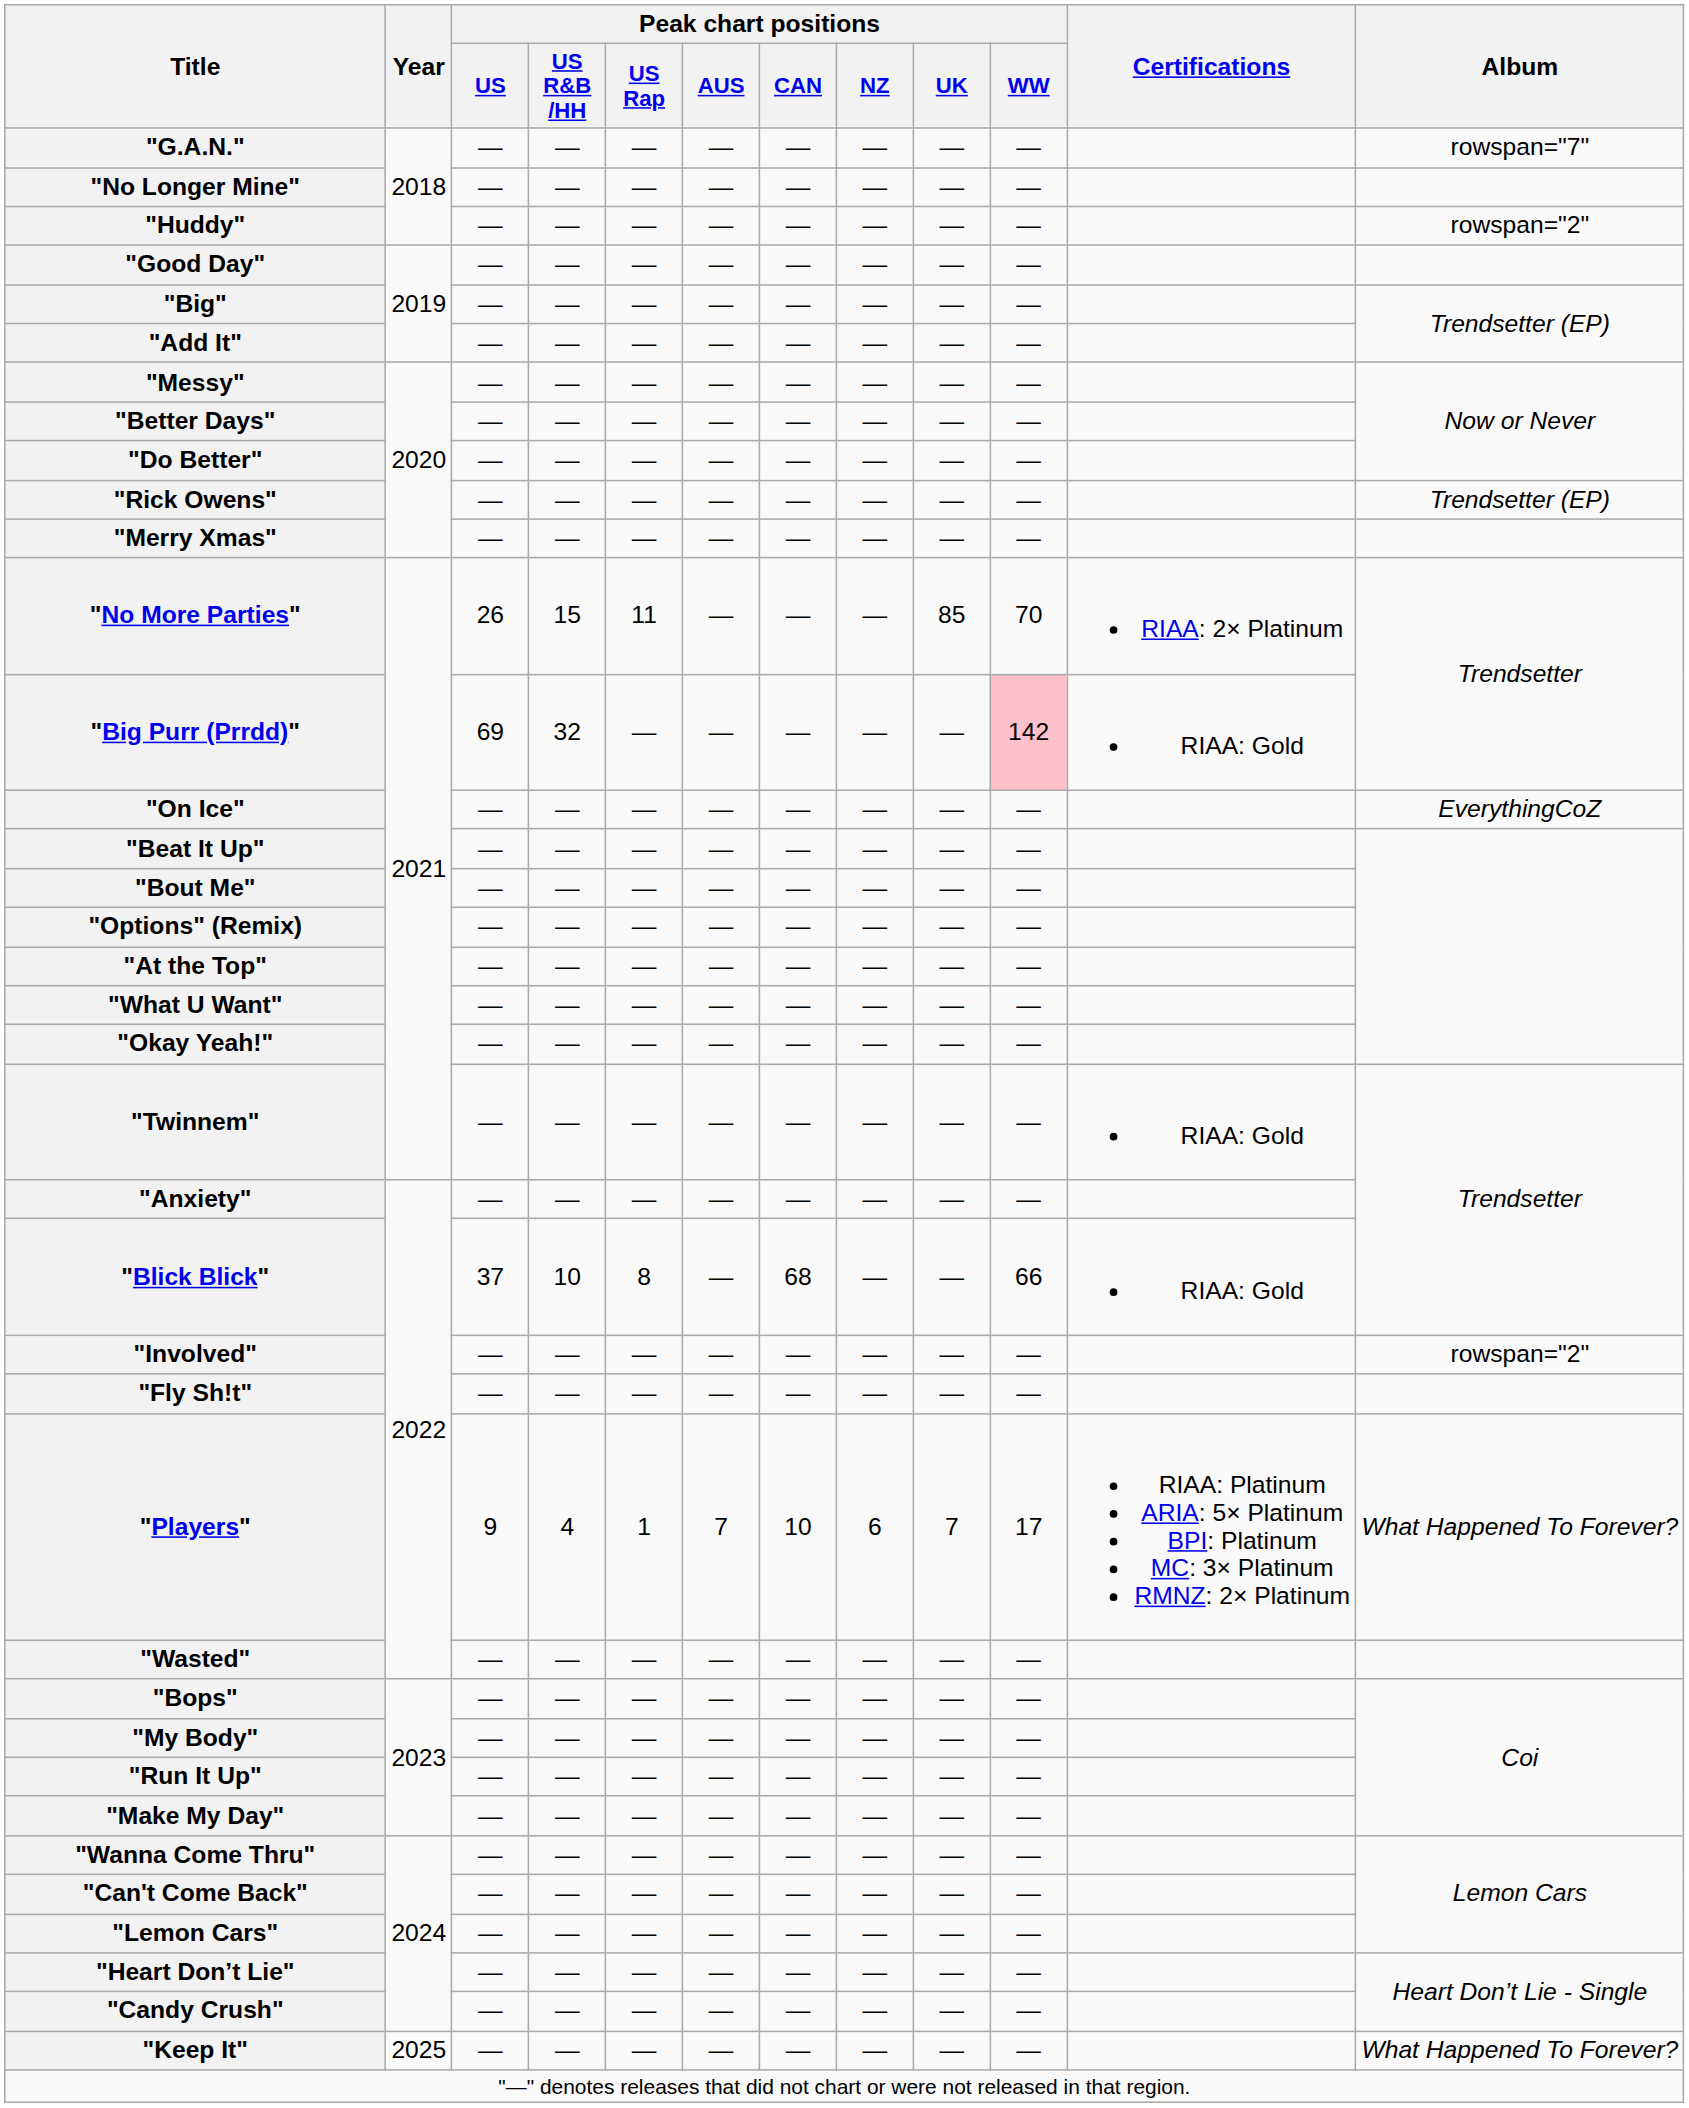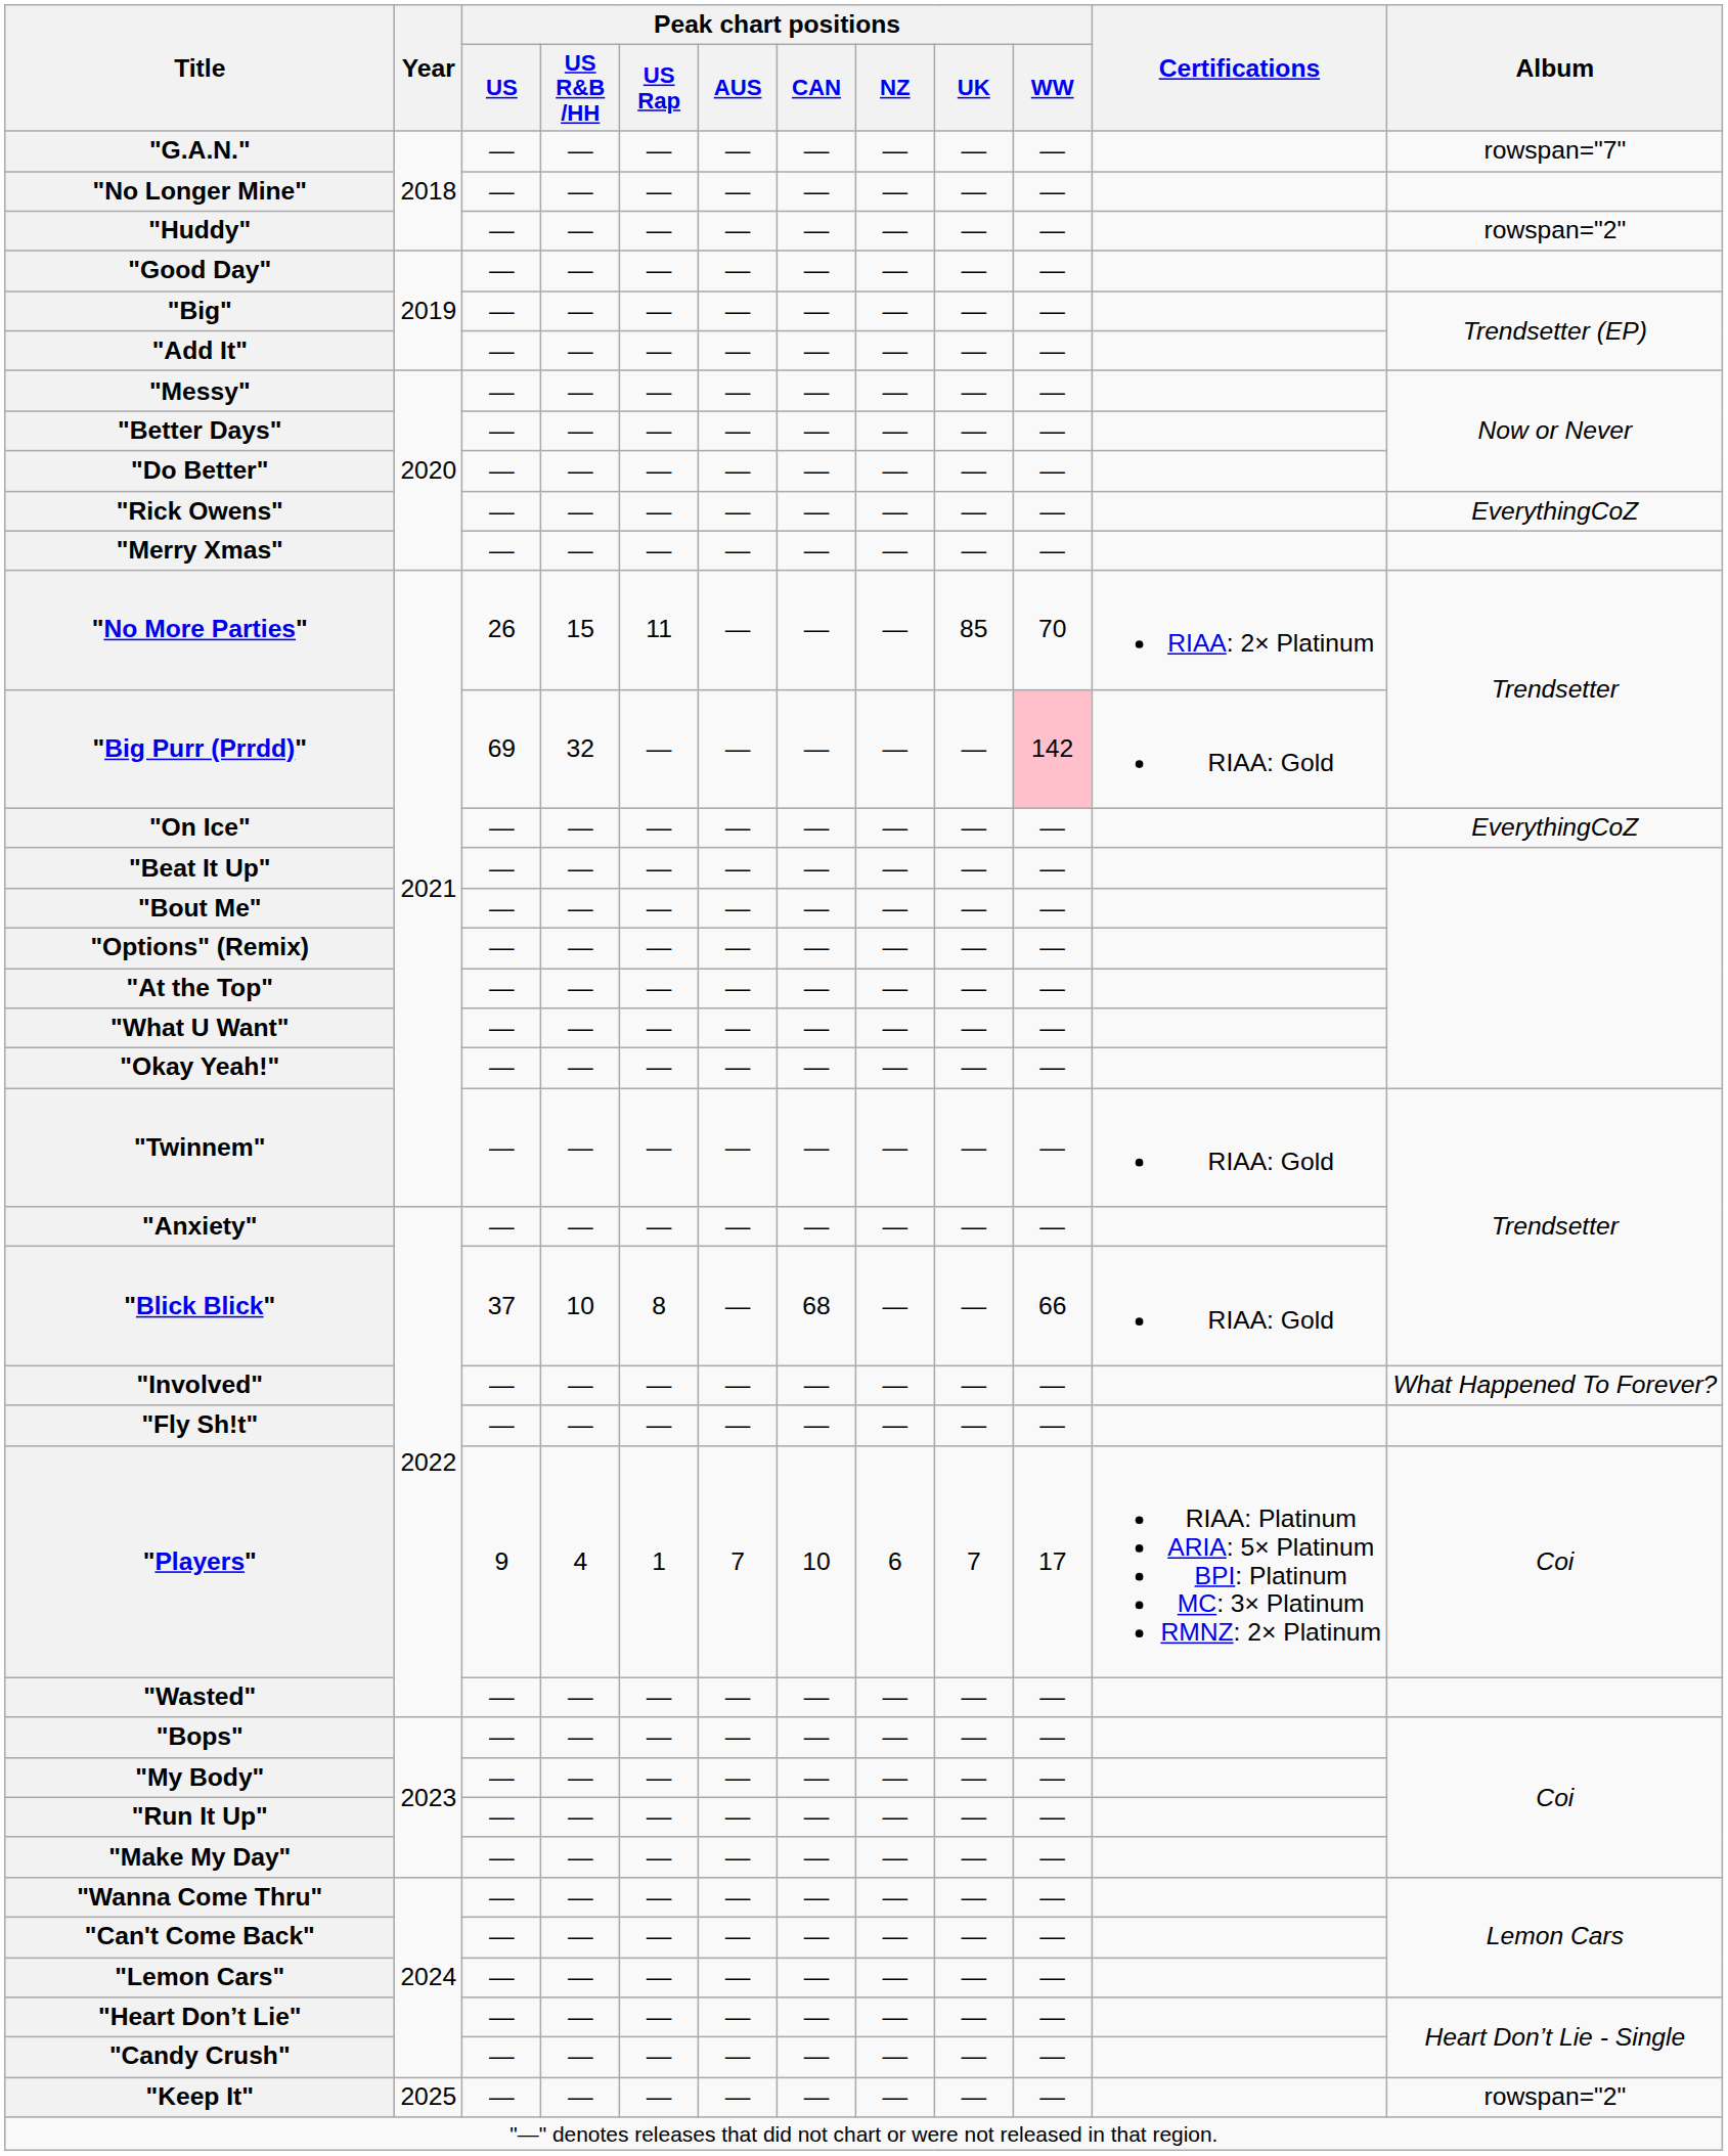 <table class="wikitable plainrowheaders" style="text-align:center;">
 <tr>
 <th scope="col" rowspan="2" style="width:15em;">Title</th>
 <th scope="col" rowspan="2">Year</th>
 <th scope="col" colspan="8">Peak chart positions</th>
 <th scope="col" rowspan="2"><a href='#'>Certifications</a></th>
 <th scope="col" rowspan="2">Album</th>
 </tr>
 <tr>
 <th scope="col" style="width:3em;font-size:90%;"><a href='#'>US</a><br></th>
 <th scope="col" style="width:3em;font-size:90%;"><a href='#'>US<br>R&B<br>/HH</a><br></th>
 <th scope="col" style="width:3em;font-size:90%;"><a href='#'>US<br>Rap</a><br></th>
 <th scope="col" style="width:3em;font-size:90%;"><a href='#'>AUS</a><br></th>
 <th scope="col" style="width:3em;font-size:90%;"><a href='#'>CAN</a><br></th>
 <th scope="col" style="width:3em;font-size:90%;"><a href='#'>NZ</a><br></th>
 <th scope="col" style="width:3em;font-size:90%;"><a href='#'>UK</a><br></th>
 <th scope="col" style="width:3em;font-size:90%;"><a href='#'>WW</a><br></th>
 </tr>
 <tr>
 <th scope="row">"G.A.N."</th>
 <td rowspan="3">2018</td>
 <td>—</td>
 <td>—</td>
 <td>—</td>
 <td>—</td>
 <td>—</td>
 <td>—</td>
 <td>—</td>
 <td>—</td>
 <td></td>
 <td>rowspan="7" </td>
 </tr>
 <tr>
 <th scope="row">"No Longer Mine"</th>
 <td>—</td>
 <td>—</td>
 <td>—</td>
 <td>—</td>
 <td>—</td>
 <td>—</td>
 <td>—</td>
 <td>—</td>
 <td></td>
 <td></td>
 </tr>
 <tr>
 <th scope="row">"Huddy"</th>
 <td>—</td>
 <td>—</td>
 <td>—</td>
 <td>—</td>
 <td>—</td>
 <td>—</td>
 <td>—</td>
 <td>—</td>
 <td></td>
 <td>rowspan="2" </td>
 </tr>
 <tr>
 <th scope="row">"Good Day"</th>
 <td rowspan="3">2019</td>
 <td>—</td>
 <td>—</td>
 <td>—</td>
 <td>—</td>
 <td>—</td>
 <td>—</td>
 <td>—</td>
 <td>—</td>
 <td></td>
 <td></td>
 </tr>
 <tr>
 <th scope="row">"Big"<br></th>
 <td>—</td>
 <td>—</td>
 <td>—</td>
 <td>—</td>
 <td>—</td>
 <td>—</td>
 <td>—</td>
 <td>—</td>
 <td></td>
 <td rowspan="2"><em>Trendsetter (EP)</em></td>
 </tr>
 <tr>
 <th scope="row">"Add It"</th>
 <td>—</td>
 <td>—</td>
 <td>—</td>
 <td>—</td>
 <td>—</td>
 <td>—</td>
 <td>—</td>
 <td>—</td>
 <td></td>
 </tr>
 <tr>
 <th scope="row">"Messy"</th>
 <td rowspan="5">2020</td>
 <td>—</td>
 <td>—</td>
 <td>—</td>
 <td>—</td>
 <td>—</td>
 <td>—</td>
 <td>—</td>
 <td>—</td>
 <td></td>
 <td rowspan="3"><em>Now or Never</em></td>
 </tr>
 <tr>
 <th scope="row">"Better Days"<br></th>
 <td>—</td>
 <td>—</td>
 <td>—</td>
 <td>—</td>
 <td>—</td>
 <td>—</td>
 <td>—</td>
 <td>—</td>
 <td></td>
 </tr>
 <tr>
 <th scope="row">"Do Better"</th>
 <td>—</td>
 <td>—</td>
 <td>—</td>
 <td>—</td>
 <td>—</td>
 <td>—</td>
 <td>—</td>
 <td>—</td>
 <td></td>
 </tr>
 <tr>
 <th scope="row">"Rick Owens"</th>
 <td>—</td>
 <td>—</td>
 <td>—</td>
 <td>—</td>
 <td>—</td>
 <td>—</td>
 <td>—</td>
 <td>—</td>
 <td></td>
-<td><em>Trendsetter (EP)</em></td>
+<td><em>EverythingCoZ</em></td>
 </tr>
 <tr>
 <th scope="row">"Merry Xmas"<br></th>
 <td>—</td>
 <td>—</td>
 <td>—</td>
 <td>—</td>
 <td>—</td>
 <td>—</td>
 <td>—</td>
 <td>—</td>
 <td></td>
 <td></td>
 </tr>
 <tr>
 <th scope="row">"<a href='#'>No More Parties</a>"<br></th>
 <td rowspan="10">2021</td>
 <td>26</td>
 <td>15</td>
 <td>11</td>
 <td>—</td>
 <td>—</td>
 <td>—</td>
 <td>85</td>
 <td>70</td>
 <td><br><ul><li><a href='#'>RIAA</a>: 2× Platinum</li></ul></td>
 <td rowspan="2"><em>Trendsetter</em></td>
 </tr>
 <tr>
 <th scope="row">"<a href='#'>Big Purr (Prrdd)</a>"<br></th>
 <td>69</td>
 <td>32</td>
 <td>—</td>
 <td>—</td>
 <td>—</td>
 <td>—</td>
 <td>—</td>
 <td style="background: pink;">142</td>
 <td><br><ul><li>RIAA: Gold</li></ul></td>
 </tr>
 <tr>
 <th scope="row">"On Ice"</th>
 <td>—</td>
 <td>—</td>
 <td>—</td>
 <td>—</td>
 <td>—</td>
 <td>—</td>
 <td>—</td>
 <td>—</td>
 <td></td>
 <td><em>EverythingCoZ</em></td>
 </tr>
 <tr>
 <th scope="row">"Beat It Up"<br></th>
 <td>—</td>
 <td>—</td>
 <td>—</td>
 <td>—</td>
 <td>—</td>
 <td>—</td>
 <td>—</td>
 <td>—</td>
 <td></td>
 </tr>
 <tr>
 <th scope="row">"Bout Me"</th>
 <td>—</td>
 <td>—</td>
 <td>—</td>
 <td>—</td>
 <td>—</td>
 <td>—</td>
 <td>—</td>
 <td>—</td>
 <td></td>
 </tr>
 <tr>
 <th scope="row">"Options" (Remix)<br></th>
 <td>—</td>
 <td>—</td>
 <td>—</td>
 <td>—</td>
 <td>—</td>
 <td>—</td>
 <td>—</td>
 <td>—</td>
 <td></td>
 </tr>
 <tr>
 <th scope="row">"At the Top"<br></th>
 <td>—</td>
 <td>—</td>
 <td>—</td>
 <td>—</td>
 <td>—</td>
 <td>—</td>
 <td>—</td>
 <td>—</td>
 <td></td>
 </tr>
 <tr>
 <th scope="row">"What U Want"<br></th>
 <td>—</td>
 <td>—</td>
 <td>—</td>
 <td>—</td>
 <td>—</td>
 <td>—</td>
 <td>—</td>
 <td>—</td>
 <td></td>
 </tr>
 <tr>
 <th scope="row">"Okay Yeah!"</th>
 <td>—</td>
 <td>—</td>
 <td>—</td>
 <td>—</td>
 <td>—</td>
 <td>—</td>
 <td>—</td>
 <td>—</td>
 <td></td>
 </tr>
 <tr>
 <th scope="row">"Twinnem"</th>
 <td>—</td>
 <td>—</td>
 <td>—</td>
 <td>—</td>
 <td>—</td>
 <td>—</td>
 <td>—</td>
 <td>—</td>
 <td><br><ul><li>RIAA: Gold</li></ul></td>
 <td rowspan="3"><em>Trendsetter</em></td>
 </tr>
 <tr>
 <th scope="row">"Anxiety"</th>
 <td rowspan="6">2022</td>
 <td>—</td>
 <td>—</td>
 <td>—</td>
 <td>—</td>
 <td>—</td>
 <td>—</td>
 <td>—</td>
 <td>—</td>
 <td></td>
 </tr>
 <tr>
 <th scope="row">"<a href='#'>Blick Blick</a>"<br></th>
 <td>37</td>
 <td>10</td>
 <td>8</td>
 <td>—</td>
 <td>68</td>
 <td>—</td>
 <td>—</td>
 <td>66</td>
 <td><br><ul><li>RIAA: Gold</li></ul></td>
 </tr>
 <tr>
 <th scope="row">"Involved"</th>
 <td>—</td>
 <td>—</td>
 <td>—</td>
 <td>—</td>
 <td>—</td>
 <td>—</td>
 <td>—</td>
 <td>—</td>
 <td></td>
-<td>rowspan="2" </td>
+<td><em>What Happened To Forever?</em></td>
 </tr>
 <tr>
 <th scope="row">"Fly Sh!t"</th>
 <td>—</td>
 <td>—</td>
 <td>—</td>
 <td>—</td>
 <td>—</td>
 <td>—</td>
 <td>—</td>
 <td>—</td>
 <td></td>
 </tr>
 <tr>
 <th scope="row">"<a href='#'>Players</a>"</th>
 <td>9</td>
 <td>4</td>
 <td>1</td>
 <td>7</td>
 <td>10</td>
 <td>6</td>
 <td>7</td>
 <td>17</td>
 <td><br><ul><li>RIAA: Platinum</li><li><a href='#'>ARIA</a>: 5× Platinum</li><li><a href='#'>BPI</a>: Platinum</li><li><a href='#'>MC</a>: 3× Platinum</li><li><a href='#'>RMNZ</a>: 2× Platinum</li></ul></td>
-<td><em>What Happened To Forever?</em></td>
+<td><em>Coi</em></td>
 </tr>
 <tr>
 <th scope="row">"Wasted"</th>
 <td>—</td>
 <td>—</td>
 <td>—</td>
 <td>—</td>
 <td>—</td>
 <td>—</td>
 <td>—</td>
 <td>—</td>
 <td></td>
 <td></td>
 </tr>
 <tr>
 <th scope="row">"Bops"</th>
 <td rowspan="4">2023</td>
 <td>—</td>
 <td>—</td>
 <td>—</td>
 <td>—</td>
 <td>—</td>
 <td>—</td>
 <td>—</td>
 <td>—</td>
 <td></td>
 <td rowspan="4"><em>Coi</em></td>
 </tr>
 <tr>
 <th scope="row">"My Body"</th>
 <td>—</td>
 <td>—</td>
 <td>—</td>
 <td>—</td>
 <td>—</td>
 <td>—</td>
 <td>—</td>
 <td>—</td>
 <td></td>
 </tr>
 <tr>
 <th scope="row">"Run It Up"</th>
 <td>—</td>
 <td>—</td>
 <td>—</td>
 <td>—</td>
 <td>—</td>
 <td>—</td>
 <td>—</td>
 <td>—</td>
 <td></td>
 </tr>
 <tr>
 <th scope="row">"Make My Day"<br></th>
 <td>—</td>
 <td>—</td>
 <td>—</td>
 <td>—</td>
 <td>—</td>
 <td>—</td>
 <td>—</td>
 <td>—</td>
 <td></td>
 </tr>
 <tr>
 <th scope="row">"Wanna Come Thru"<br></th>
 <td rowspan="5">2024</td>
 <td>—</td>
 <td>—</td>
 <td>—</td>
 <td>—</td>
 <td>—</td>
 <td>—</td>
 <td>—</td>
 <td>—</td>
 <td></td>
 <td rowspan="3"><em>Lemon Cars</em></td>
 </tr>
 <tr>
 <th scope="row">"Can't Come Back"</th>
 <td>—</td>
 <td>—</td>
 <td>—</td>
 <td>—</td>
 <td>—</td>
 <td>—</td>
 <td>—</td>
 <td>—</td>
 <td></td>
 </tr>
 <tr>
 <th scope="row">"Lemon Cars"</th>
 <td>—</td>
 <td>—</td>
 <td>—</td>
 <td>—</td>
 <td>—</td>
 <td>—</td>
 <td>—</td>
 <td>—</td>
 <td></td>
 </tr>
 <tr>
 <th scope="row">"Heart Don’t Lie"</th>
 <td>—</td>
 <td>—</td>
 <td>—</td>
 <td>—</td>
 <td>—</td>
 <td>—</td>
 <td>—</td>
 <td>—</td>
 <td></td>
 <td rowspan="2"><em>Heart Don’t Lie - Single</em></td>
 </tr>
 <tr>
 <th scope="row">"Candy Crush"</th>
 <td>—</td>
 <td>—</td>
 <td>—</td>
 <td>—</td>
 <td>—</td>
 <td>—</td>
 <td>—</td>
 <td>—</td>
 <td></td>
 </tr>
 <tr>
 <th scope="row">"Keep It"</th>
 <td>2025</td>
 <td>—</td>
 <td>—</td>
 <td>—</td>
 <td>—</td>
 <td>—</td>
 <td>—</td>
 <td>—</td>
 <td>—</td>
 <td></td>
-<td><em>What Happened To Forever?</em></td>
+<td>rowspan="2" </td>
 </tr>
 <tr>
 <td colspan="12" style="font-size:85%">"—" denotes releases that did not chart or were not released in that region.</td>
 </tr>
 </table>
